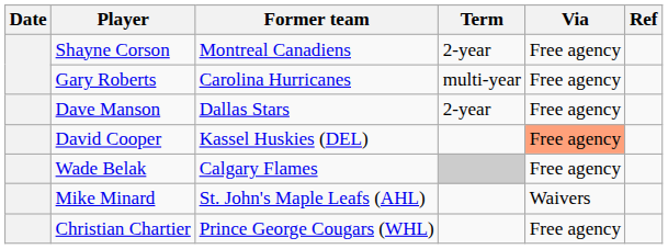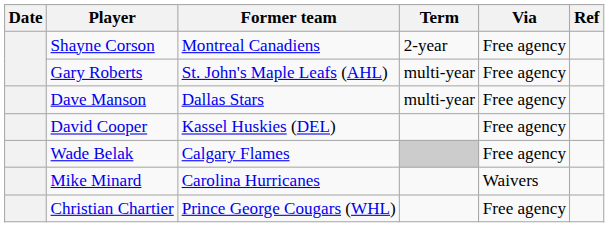 <table class="wikitable plainrowheaders">
 <tr style="background:#ddd; text-align:center;">
 <th>Date</th>
 <th>Player</th>
 <th>Former team</th>
 <th>Term</th>
 <th>Via</th>
 <th>Ref</th>
 </tr>
 <tr>
 <th scope="row" rowspan=2></th>
 <td><a href='#'>Shayne Corson</a></td>
 <td><a href='#'>Montreal Canadiens</a></td>
 <td>2-year</td>
 <td>Free agency</td>
 <td></td>
 </tr>
 <tr>
 <td><a href='#'>Gary Roberts</a></td>
-<td><a href='#'>Carolina Hurricanes</a></td>
+<td><a href='#'>St. John's Maple Leafs</a> (<a href='#'>AHL</a>)</td>
 <td>multi-year</td>
 <td>Free agency</td>
 <td></td>
 </tr>
 <tr>
 <th scope="row"></th>
 <td><a href='#'>Dave Manson</a></td>
 <td><a href='#'>Dallas Stars</a></td>
-<td>2-year</td>
+<td>multi-year</td>
 <td>Free agency</td>
 <td></td>
 </tr>
 <tr>
 <th scope="row"></th>
 <td><a href='#'>David Cooper</a></td>
 <td><a href='#'>Kassel Huskies</a> (<a href='#'>DEL</a>)</td>
 <td></td>
-<td style="background: lightsalmon;">Free agency</td>
+<td>Free agency</td>
 <td></td>
 </tr>
 <tr>
 <th scope="row"></th>
 <td><a href='#'>Wade Belak</a></td>
 <td><a href='#'>Calgary Flames</a></td>
 <td style="background:#ccc"></td>
 <td>Free agency</td>
 <td></td>
 </tr>
 <tr>
 <th scope="row"></th>
 <td><a href='#'>Mike Minard</a></td>
-<td><a href='#'>St. John's Maple Leafs</a> (<a href='#'>AHL</a>)</td>
+<td><a href='#'>Carolina Hurricanes</a></td>
 <td></td>
 <td>Waivers</td>
 <td></td>
 </tr>
 <tr>
 <th scope="row"></th>
 <td><a href='#'>Christian Chartier</a></td>
 <td><a href='#'>Prince George Cougars</a> (<a href='#'>WHL</a>)</td>
 <td></td>
 <td>Free agency</td>
 <td></td>
 </tr>
 </table>
